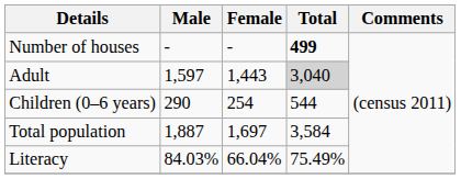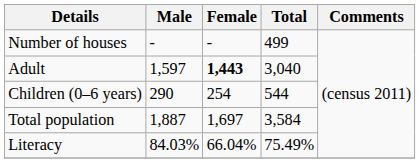 <table class="wikitable sortable">
 <tr>
 <th>Details</th>
 <th>Male</th>
 <th>Female</th>
 <th>Total</th>
 <th>Comments</th>
 </tr>
 <tr>
 <td>Number of houses</td>
 <td>-</td>
 <td>-</td>
-<td><strong>499</strong></td>
+<td>499</td>
 <td rowspan="5">(census 2011)</td>
 </tr>
 <tr>
 <td>Adult</td>
 <td>1,597</td>
-<td>1,443</td>
-<td style="background: lightgrey;">3,040</td>
+<td><strong>1,443</strong></td>
+<td>3,040</td>
 </tr>
 <tr>
 <td>Children (0–6 years)</td>
 <td>290</td>
 <td>254</td>
 <td>544</td>
 </tr>
 <tr>
 <td>Total population</td>
 <td>1,887</td>
 <td>1,697</td>
 <td>3,584</td>
 </tr>
 <tr>
 <td>Literacy</td>
 <td>84.03%</td>
 <td>66.04%</td>
 <td>75.49%</td>
 </tr>
 <tr>
 </tr>
 </table>
